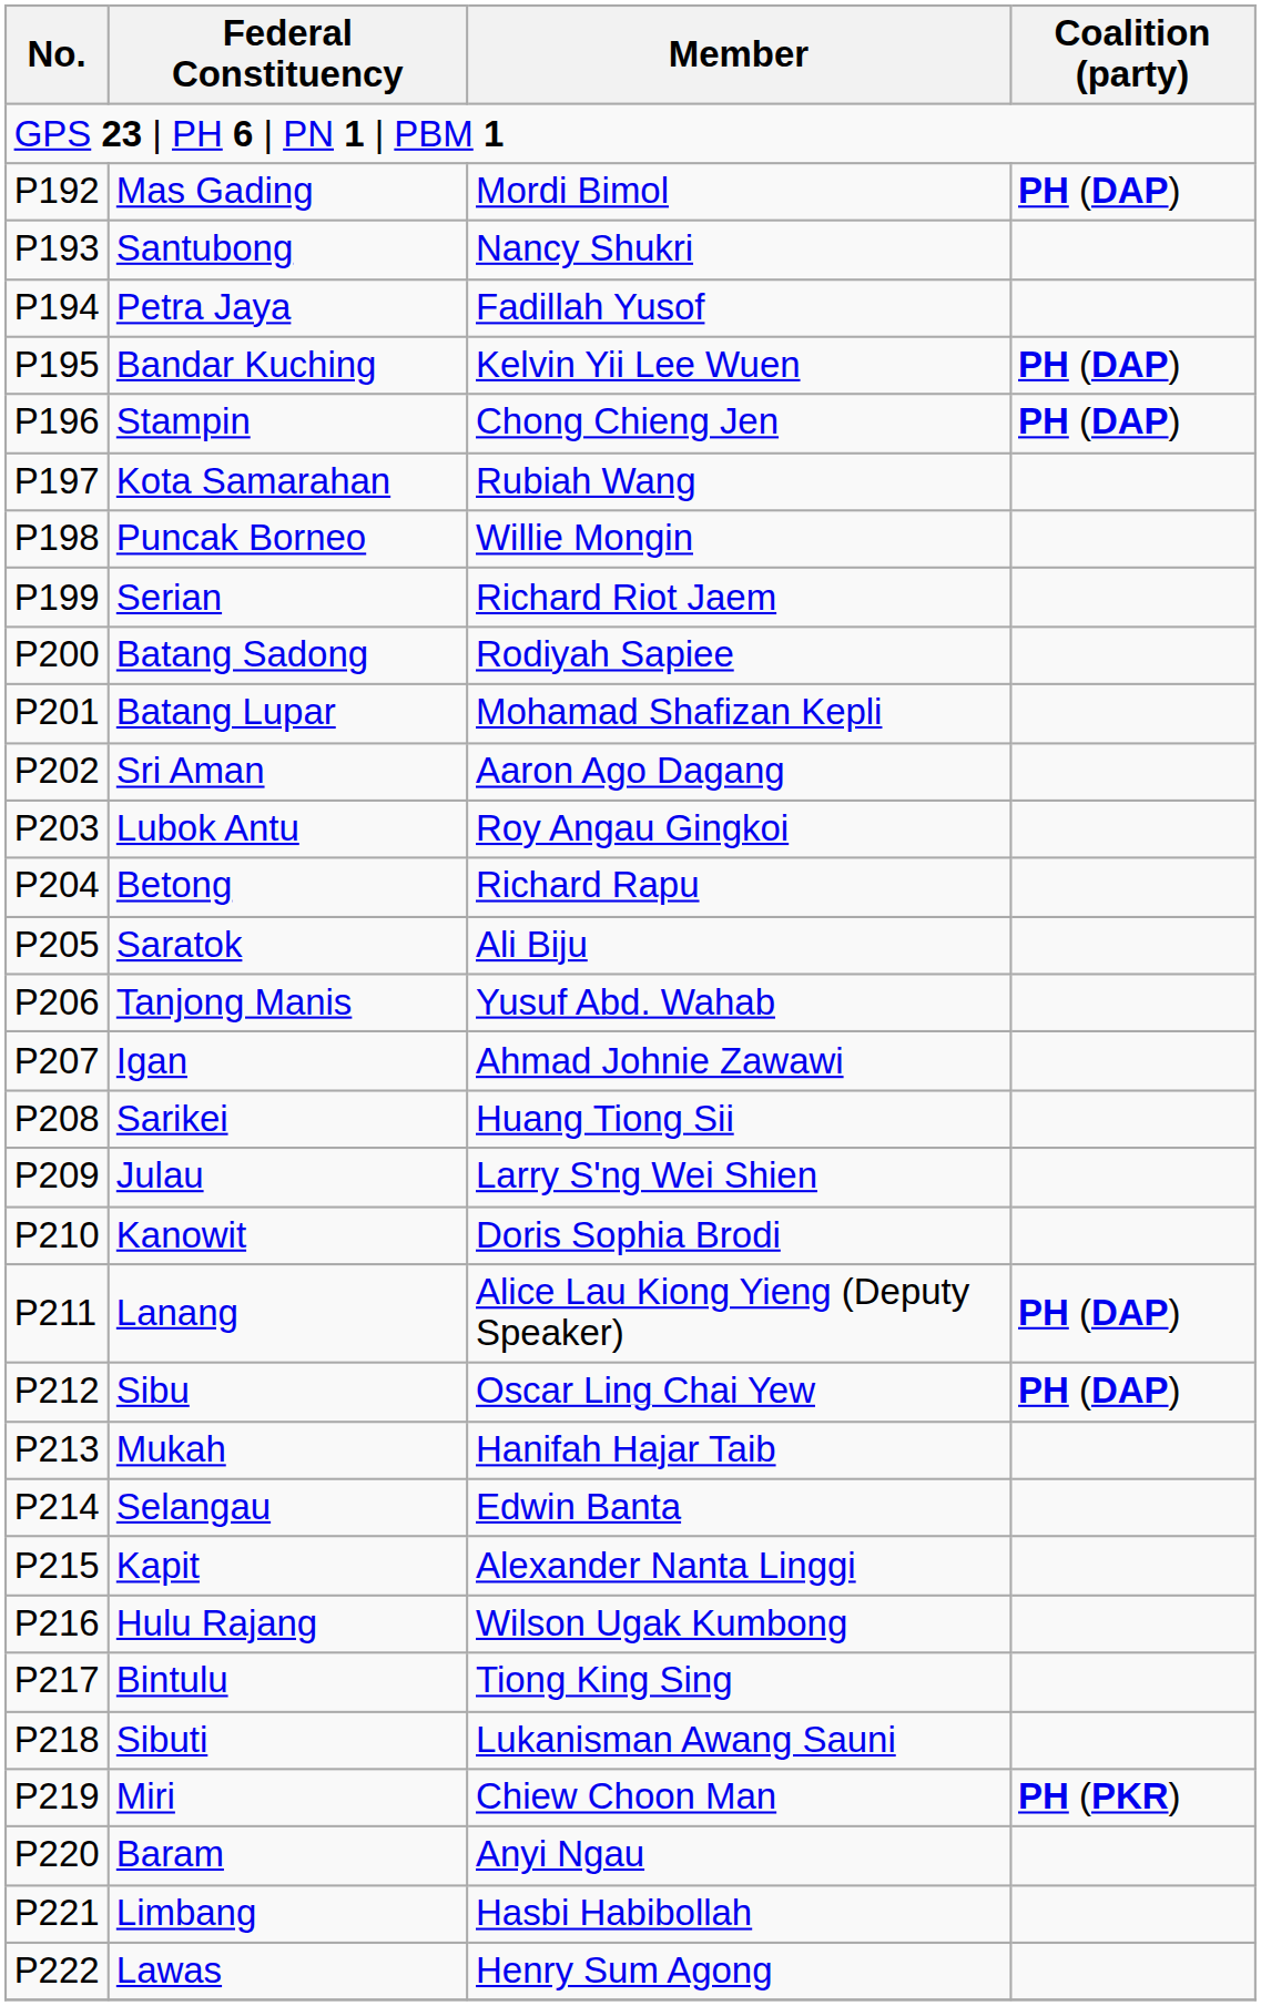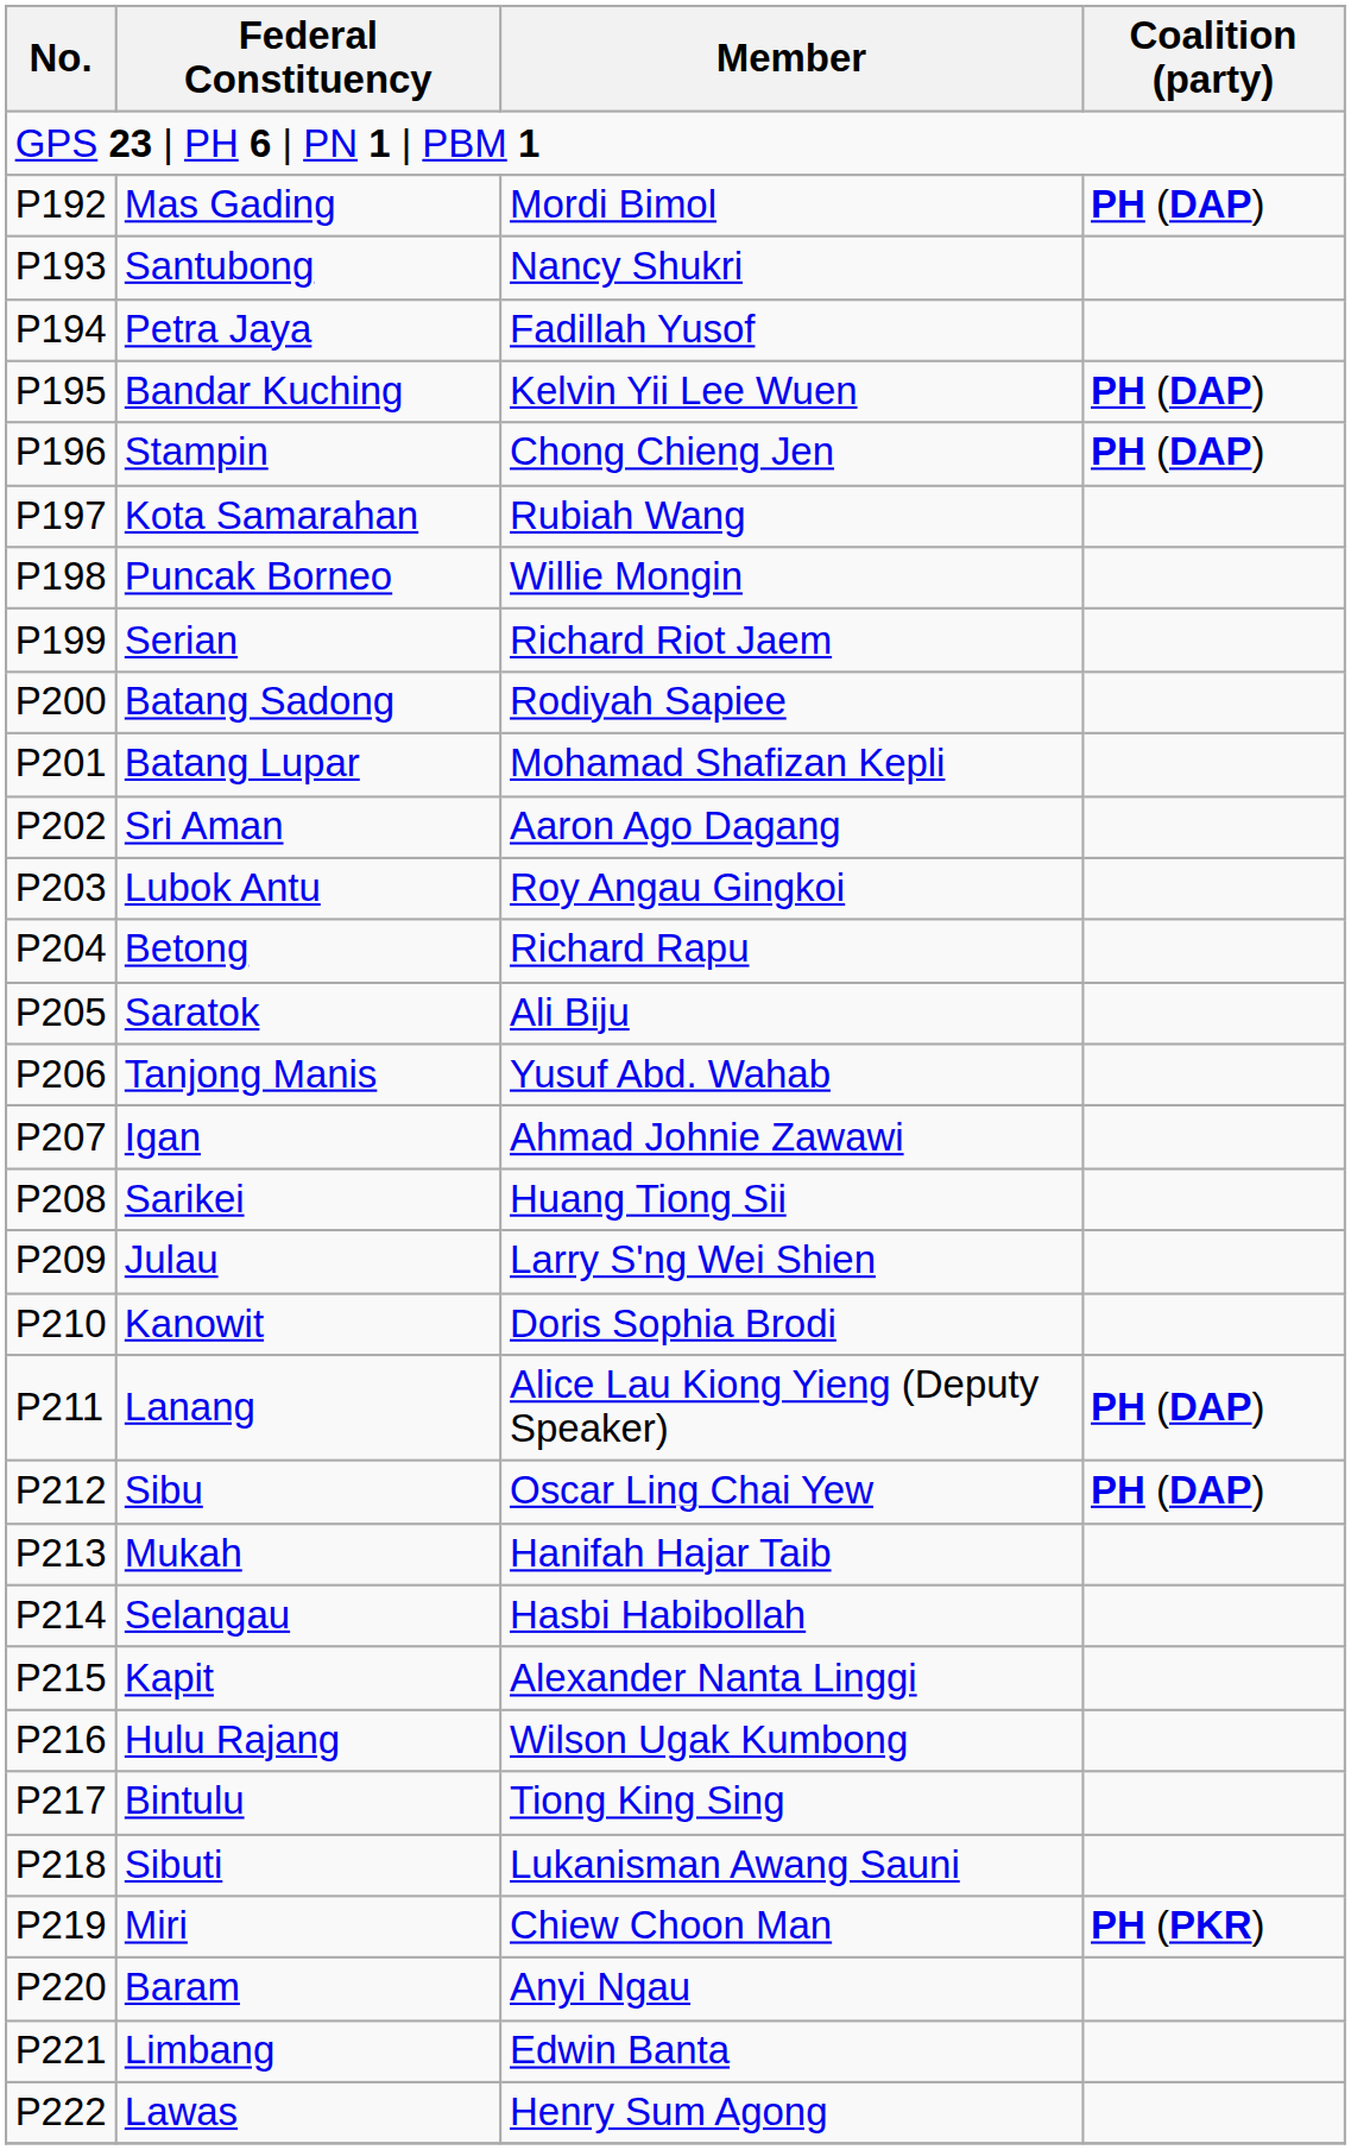 <table class="wikitable sortable">
 <tr>
 <th style="width:30px;">No.</th>
 <th style="width:150px;">Federal Constituency</th>
 <th style="width:230px;">Member</th>
 <th style="width:100px;">Coalition (party)</th>
 </tr>
 <tr>
 <td colspan="4"><a href='#'>GPS</a> <strong>23</strong> | <a href='#'>PH</a> <strong>6</strong> | <a href='#'>PN</a> <strong>1</strong> | <a href='#'>PBM</a> <strong>1</strong></td>
 </tr>
 <tr>
 <td>P192</td>
 <td><a href='#'>Mas Gading</a></td>
 <td><a href='#'>Mordi Bimol</a></td>
 <td><strong><a href='#'>PH</a></strong> (<strong><a href='#'>DAP</a></strong>)</td>
 </tr>
 <tr>
 <td>P193</td>
 <td><a href='#'>Santubong</a></td>
 <td><a href='#'>Nancy Shukri</a></td>
 <td></td>
 </tr>
 <tr>
 <td>P194</td>
 <td><a href='#'>Petra Jaya</a></td>
 <td><a href='#'>Fadillah Yusof</a></td>
 <td></td>
 </tr>
 <tr>
 <td>P195</td>
 <td><a href='#'>Bandar Kuching</a></td>
 <td><a href='#'>Kelvin Yii Lee Wuen</a></td>
 <td><strong><a href='#'>PH</a></strong> (<strong><a href='#'>DAP</a></strong>)</td>
 </tr>
 <tr>
 <td>P196</td>
 <td><a href='#'>Stampin</a></td>
 <td><a href='#'>Chong Chieng Jen</a></td>
 <td><strong><a href='#'>PH</a></strong> (<strong><a href='#'>DAP</a></strong>)</td>
 </tr>
 <tr>
 <td>P197</td>
 <td><a href='#'>Kota Samarahan</a></td>
 <td><a href='#'>Rubiah Wang</a></td>
 <td></td>
 </tr>
 <tr>
 <td>P198</td>
 <td><a href='#'>Puncak Borneo</a></td>
 <td><a href='#'>Willie Mongin</a></td>
 <td></td>
 </tr>
 <tr>
 <td>P199</td>
 <td><a href='#'>Serian</a></td>
 <td><a href='#'>Richard Riot Jaem</a></td>
 <td></td>
 </tr>
 <tr>
 <td>P200</td>
 <td><a href='#'>Batang Sadong</a></td>
 <td><a href='#'>Rodiyah Sapiee</a></td>
 <td></td>
 </tr>
 <tr>
 <td>P201</td>
 <td><a href='#'>Batang Lupar</a></td>
 <td><a href='#'>Mohamad Shafizan Kepli</a></td>
 <td></td>
 </tr>
 <tr>
 <td>P202</td>
 <td><a href='#'>Sri Aman</a></td>
 <td><a href='#'>Aaron Ago Dagang</a></td>
 <td></td>
 </tr>
 <tr>
 <td>P203</td>
 <td><a href='#'>Lubok Antu</a></td>
 <td><a href='#'>Roy Angau Gingkoi</a></td>
 <td></td>
 </tr>
 <tr>
 <td>P204</td>
 <td><a href='#'>Betong</a></td>
 <td><a href='#'>Richard Rapu</a></td>
 <td></td>
 </tr>
 <tr>
 <td>P205</td>
 <td><a href='#'>Saratok</a></td>
 <td><a href='#'>Ali Biju</a></td>
 <td></td>
 </tr>
 <tr>
 <td>P206</td>
 <td><a href='#'>Tanjong Manis</a></td>
 <td><a href='#'>Yusuf Abd. Wahab</a></td>
 <td></td>
 </tr>
 <tr>
 <td>P207</td>
 <td><a href='#'>Igan</a></td>
 <td><a href='#'>Ahmad Johnie Zawawi</a></td>
 <td></td>
 </tr>
 <tr>
 <td>P208</td>
 <td><a href='#'>Sarikei</a></td>
 <td><a href='#'>Huang Tiong Sii</a></td>
 <td></td>
 </tr>
 <tr>
 <td>P209</td>
 <td><a href='#'>Julau</a></td>
 <td><a href='#'>Larry S'ng Wei Shien</a></td>
 <td></td>
 </tr>
 <tr>
 <td>P210</td>
 <td><a href='#'>Kanowit</a></td>
 <td><a href='#'>Doris Sophia Brodi</a></td>
 <td></td>
 </tr>
 <tr>
 <td>P211</td>
 <td><a href='#'>Lanang</a></td>
 <td><a href='#'>Alice Lau Kiong Yieng</a> (Deputy Speaker)</td>
 <td><strong><a href='#'>PH</a></strong> (<strong><a href='#'>DAP</a></strong>)</td>
 </tr>
 <tr>
 <td>P212</td>
 <td><a href='#'>Sibu</a></td>
 <td><a href='#'>Oscar Ling Chai Yew</a></td>
 <td><strong><a href='#'>PH</a></strong> (<strong><a href='#'>DAP</a></strong>)</td>
 </tr>
 <tr>
 <td>P213</td>
 <td><a href='#'>Mukah</a></td>
 <td><a href='#'>Hanifah Hajar Taib</a></td>
 <td></td>
 </tr>
 <tr>
 <td>P214</td>
 <td><a href='#'>Selangau</a></td>
-<td><a href='#'>Edwin Banta</a></td>
+<td><a href='#'>Hasbi Habibollah</a></td>
 <td></td>
 </tr>
 <tr>
 <td>P215</td>
 <td><a href='#'>Kapit</a></td>
 <td><a href='#'>Alexander Nanta Linggi</a></td>
 <td></td>
 </tr>
 <tr>
 <td>P216</td>
 <td><a href='#'>Hulu Rajang</a></td>
 <td><a href='#'>Wilson Ugak Kumbong</a></td>
 <td></td>
 </tr>
 <tr>
 <td>P217</td>
 <td><a href='#'>Bintulu</a></td>
 <td><a href='#'>Tiong King Sing</a></td>
 <td></td>
 </tr>
 <tr>
 <td>P218</td>
 <td><a href='#'>Sibuti</a></td>
 <td><a href='#'>Lukanisman Awang Sauni</a></td>
 <td></td>
 </tr>
 <tr>
 <td>P219</td>
 <td><a href='#'>Miri</a></td>
 <td><a href='#'>Chiew Choon Man</a></td>
 <td><strong><a href='#'>PH</a></strong>  (<strong><a href='#'>PKR</a></strong>)</td>
 </tr>
 <tr>
 <td>P220</td>
 <td><a href='#'>Baram</a></td>
 <td><a href='#'>Anyi Ngau</a></td>
 <td></td>
 </tr>
 <tr>
 <td>P221</td>
 <td><a href='#'>Limbang</a></td>
-<td><a href='#'>Hasbi Habibollah</a></td>
+<td><a href='#'>Edwin Banta</a></td>
 <td></td>
 </tr>
 <tr>
 <td>P222</td>
 <td><a href='#'>Lawas</a></td>
 <td><a href='#'>Henry Sum Agong</a></td>
 <td></td>
 </tr>
 <tr>
 </tr>
 </table>
